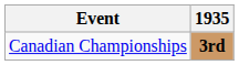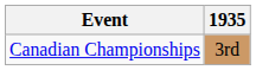 <table class="wikitable">
 <tr>
 <th>Event</th>
 <th>1935</th>
 </tr>
 <tr>
 <td><a href='#'>Canadian Championships</a></td>
-<td align="center" bgcolor="cc9966"><strong>3rd</strong></td>
+<td align="center" bgcolor="cc9966">3rd</td>
 </tr>
 </table>
